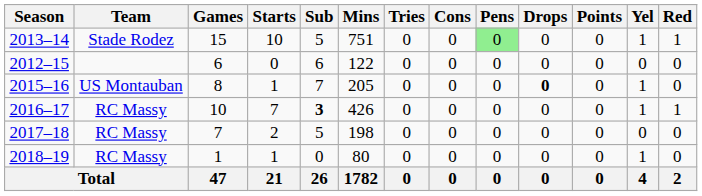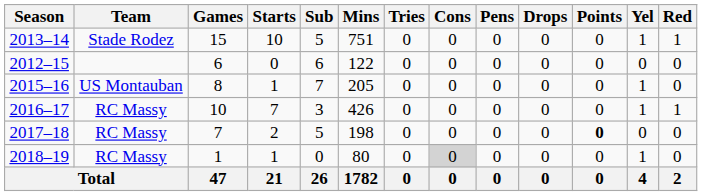 <table class="wikitable" style="text-align:center; line-height:90%; font-size:95%; width:70%;">
 <tr>
 <th>Season</th>
 <th>Team</th>
 <th>Games</th>
 <th>Starts</th>
 <th>Sub</th>
 <th>Mins</th>
 <th>Tries</th>
 <th>Cons</th>
 <th>Pens</th>
 <th>Drops</th>
 <th>Points</th>
 <th>Yel</th>
 <th>Red</th>
 </tr>
 <tr>
 <td><a href='#'>2013–14</a></td>
 <td><a href='#'>Stade Rodez</a></td>
 <td>15</td>
 <td>10</td>
 <td>5</td>
 <td>751</td>
 <td>0</td>
 <td>0</td>
-<td style="background: lightgreen;">0</td>
+<td>0</td>
 <td>0</td>
 <td>0</td>
 <td>1</td>
 <td>1</td>
 </tr>
 <tr>
 <td><a href='#'>2012–15</a></td>
 <td></td>
 <td>6</td>
 <td>0</td>
 <td>6</td>
 <td>122</td>
 <td>0</td>
 <td>0</td>
 <td>0</td>
 <td>0</td>
 <td>0</td>
 <td>0</td>
 <td>0</td>
 </tr>
 <tr>
 <td><a href='#'>2015–16</a></td>
 <td><a href='#'>US Montauban</a></td>
 <td>8</td>
 <td>1</td>
 <td>7</td>
 <td>205</td>
 <td>0</td>
 <td>0</td>
 <td>0</td>
-<td><strong>0</strong></td>
+<td>0</td>
 <td>0</td>
 <td>1</td>
 <td>0</td>
 </tr>
 <tr>
 <td><a href='#'>2016–17</a></td>
 <td><a href='#'>RC Massy</a></td>
 <td>10</td>
 <td>7</td>
-<td><strong>3</strong></td>
+<td>3</td>
 <td>426</td>
 <td>0</td>
 <td>0</td>
 <td>0</td>
 <td>0</td>
 <td>0</td>
 <td>1</td>
 <td>1</td>
 </tr>
 <tr>
 <td><a href='#'>2017–18</a></td>
 <td><a href='#'>RC Massy</a></td>
 <td>7</td>
 <td>2</td>
 <td>5</td>
 <td>198</td>
 <td>0</td>
 <td>0</td>
 <td>0</td>
 <td>0</td>
-<td>0</td>
+<td><strong>0</strong></td>
 <td>0</td>
 <td>0</td>
 </tr>
 <tr>
 <td><a href='#'>2018–19</a></td>
 <td><a href='#'>RC Massy</a></td>
 <td>1</td>
 <td>1</td>
 <td>0</td>
 <td>80</td>
 <td>0</td>
-<td>0</td>
+<td style="background: lightgrey;">0</td>
 <td>0</td>
 <td>0</td>
 <td>0</td>
 <td>1</td>
 <td>0</td>
 </tr>
 <tr>
 <th colspan="2">Total</th>
 <th>47</th>
 <th>21</th>
 <th>26</th>
 <th>1782</th>
 <th>0</th>
 <th>0</th>
 <th>0</th>
 <th>0</th>
 <th>0</th>
 <th>4</th>
 <th>2</th>
 </tr>
 </table>
